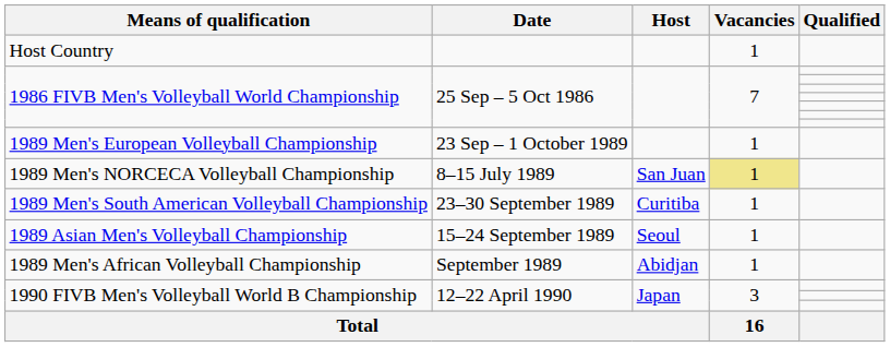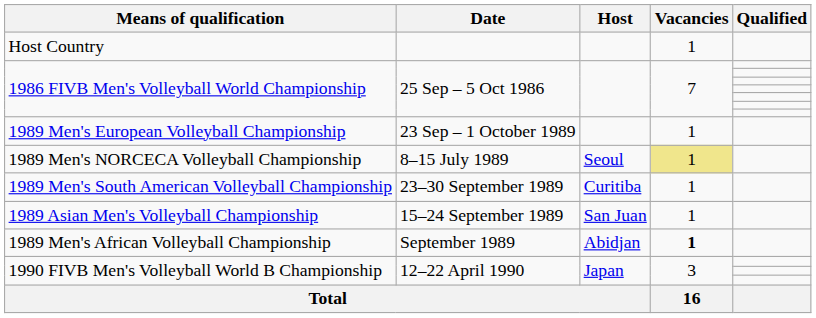 <table class="wikitable">
 <tr>
 <th>Means of qualification</th>
 <th>Date</th>
 <th>Host</th>
 <th>Vacancies</th>
 <th>Qualified</th>
 </tr>
 <tr>
 <td>Host Country</td>
 <td></td>
 <td></td>
 <td align=center>1</td>
 <td></td>
 </tr>
 <tr>
 <td rowspan=7><a href='#'>1986 FIVB Men's Volleyball World Championship</a></td>
 <td rowspan=7>25 Sep – 5 Oct 1986</td>
 <td rowspan=7></td>
 <td rowspan=7 align=center>7</td>
 <td></td>
 </tr>
 <tr>
 <td></td>
 </tr>
 <tr>
 <td></td>
 </tr>
 <tr>
 <td></td>
 </tr>
 <tr>
 <td></td>
 </tr>
 <tr>
 <td></td>
 </tr>
 <tr>
 <td></td>
 </tr>
 <tr>
 <td><a href='#'>1989 Men's European Volleyball Championship</a></td>
 <td>23 Sep – 1 October 1989</td>
 <td></td>
 <td align=center>1</td>
 <td></td>
 </tr>
 <tr>
 <td>1989 Men's NORCECA Volleyball Championship</td>
 <td>8–15 July 1989</td>
-<td> <a href='#'>San Juan</a></td>
+<td> <a href='#'>Seoul</a></td>
 <td align=center style="background: khaki;">1</td>
 <td></td>
 </tr>
 <tr>
 <td><a href='#'>1989 Men's South American Volleyball Championship</a></td>
 <td>23–30 September 1989</td>
 <td> <a href='#'>Curitiba</a></td>
 <td align=center>1</td>
 <td></td>
 </tr>
 <tr>
 <td><a href='#'>1989 Asian Men's Volleyball Championship</a></td>
 <td>15–24 September 1989</td>
-<td> <a href='#'>Seoul</a></td>
+<td> <a href='#'>San Juan</a></td>
 <td align=center>1</td>
 <td></td>
 </tr>
 <tr>
 <td>1989 Men's African Volleyball Championship</td>
 <td>September 1989</td>
 <td> <a href='#'>Abidjan</a></td>
-<td align=center>1</td>
+<td align=center><strong>1</strong></td>
 <td></td>
 </tr>
 <tr>
 <td rowspan=3>1990 FIVB Men's Volleyball World B Championship</td>
 <td rowspan=3>12–22 April 1990</td>
 <td rowspan=3> <a href='#'>Japan</a></td>
 <td rowspan=3 align=center>3</td>
 <td></td>
 </tr>
 <tr>
 <td></td>
 </tr>
 <tr>
 <td></td>
 </tr>
 <tr>
 <th colspan="3">Total</th>
 <th>16</th>
 <th></th>
 </tr>
 </table>
